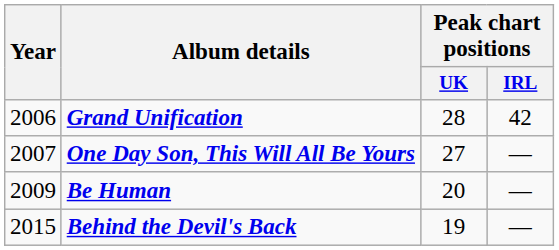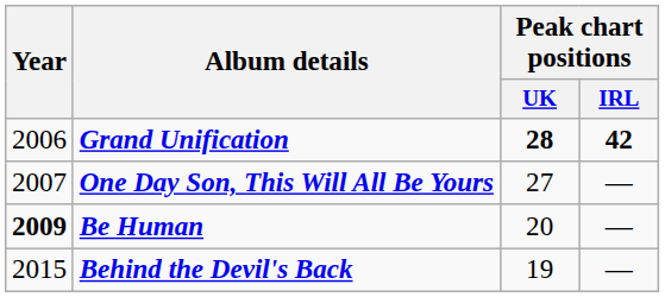 <table class="wikitable">
 <tr>
 <th rowspan=2>Year</th>
 <th rowspan=2>Album details</th>
 <th colspan=2>Peak chart positions</th>
 </tr>
 <tr style=font-size:smaller;>
 <th width="40"><a href='#'>UK</a><br></th>
 <th width="40"><a href='#'>IRL</a><br></th>
 </tr>
 <tr>
 <td>2006</td>
 <td><strong><em><a href='#'>Grand Unification</a></em></strong></td>
-<td align="center">28</td>
-<td align="center">42</td>
+<td align="center"><strong>28</strong></td>
+<td align="center"><strong>42</strong></td>
 </tr>
 <tr>
 <td>2007</td>
 <td><strong><em><a href='#'>One Day Son, This Will All Be Yours</a></em></strong></td>
 <td align="center">27</td>
 <td align="center">—</td>
 </tr>
 <tr>
-<td>2009</td>
+<td><strong>2009</strong></td>
 <td><strong><em><a href='#'>Be Human</a></em></strong></td>
 <td align="center">20</td>
 <td align="center">—</td>
 </tr>
 <tr>
 <td>2015</td>
 <td><strong><em><a href='#'>Behind the Devil's Back</a></em></strong></td>
 <td align="center">19</td>
 <td align="center">—</td>
 </tr>
 </table>
